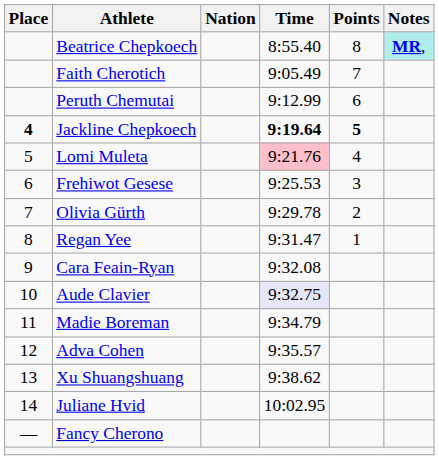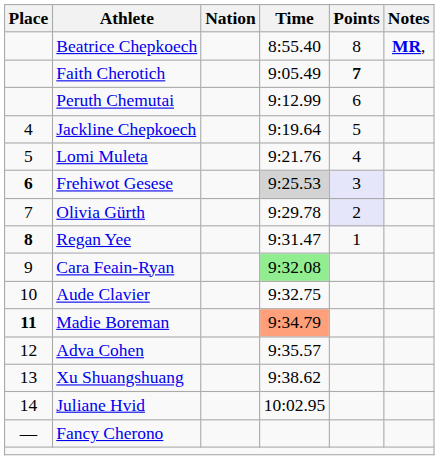 <table class="wikitable mw-datatable sortable" style="text-align:center;">
 <tr>
 <th scope="col">Place</th>
 <th scope="col">Athlete</th>
 <th scope="col">Nation</th>
 <th scope="col">Time</th>
 <th scope="col">Points</th>
 <th scope="col">Notes</th>
 </tr>
 <tr>
 <td></td>
 <td align="left"><a href='#'>Beatrice Chepkoech</a></td>
 <td align="left"></td>
 <td>8:55.40</td>
 <td>8</td>
-<td style="background: paleturquoise;"><strong><a href='#'>MR</a></strong>, </td>
+<td><strong><a href='#'>MR</a></strong>, </td>
 </tr>
 <tr>
 <td></td>
 <td align="left"><a href='#'>Faith Cherotich</a></td>
 <td align="left"></td>
 <td>9:05.49</td>
-<td>7</td>
+<td><strong>7</strong></td>
 <td></td>
 </tr>
 <tr>
 <td></td>
 <td align="left"><a href='#'>Peruth Chemutai</a></td>
 <td align="left"></td>
 <td>9:12.99</td>
 <td>6</td>
 <td></td>
 </tr>
 <tr>
-<td><strong>4</strong></td>
+<td>4</td>
 <td align="left"><a href='#'>Jackline Chepkoech</a></td>
 <td align="left"></td>
-<td><strong>9:19.64</strong></td>
-<td><strong>5</strong></td>
+<td>9:19.64</td>
+<td>5</td>
 <td></td>
 </tr>
 <tr>
 <td>5</td>
 <td align="left"><a href='#'>Lomi Muleta</a></td>
 <td align="left"></td>
-<td style="background: pink;">9:21.76</td>
+<td>9:21.76</td>
 <td>4</td>
 <td></td>
 </tr>
 <tr>
-<td>6</td>
+<td><strong>6</strong></td>
 <td align="left"><a href='#'>Frehiwot Gesese</a></td>
 <td align="left"></td>
-<td>9:25.53</td>
-<td>3</td>
+<td style="background: lightgrey;">9:25.53</td>
+<td style="background: lavender;">3</td>
 <td></td>
 </tr>
 <tr>
 <td>7</td>
 <td align="left"><a href='#'>Olivia Gürth</a></td>
 <td align="left"></td>
 <td>9:29.78</td>
-<td>2</td>
+<td style="background: lavender;">2</td>
 <td></td>
 </tr>
 <tr>
-<td>8</td>
+<td><strong>8</strong></td>
 <td align="left"><a href='#'>Regan Yee</a></td>
 <td align="left"></td>
 <td>9:31.47</td>
 <td>1</td>
 <td></td>
 </tr>
 <tr>
 <td>9</td>
 <td align="left"><a href='#'>Cara Feain-Ryan</a></td>
 <td align="left"></td>
-<td>9:32.08</td>
+<td style="background: lightgreen;">9:32.08</td>
 <td></td>
 <td></td>
 </tr>
 <tr>
 <td>10</td>
 <td align="left"><a href='#'>Aude Clavier</a></td>
 <td align="left"></td>
-<td style="background: lavender;">9:32.75</td>
+<td>9:32.75</td>
 <td></td>
 <td></td>
 </tr>
 <tr>
-<td>11</td>
+<td><strong>11</strong></td>
 <td align="left"><a href='#'>Madie Boreman</a></td>
 <td align="left"></td>
-<td>9:34.79</td>
+<td style="background: lightsalmon;">9:34.79</td>
 <td></td>
 <td></td>
 </tr>
 <tr>
 <td>12</td>
 <td align="left"><a href='#'>Adva Cohen</a></td>
 <td align="left"></td>
 <td>9:35.57</td>
 <td></td>
 <td></td>
 </tr>
 <tr>
 <td>13</td>
 <td align="left"><a href='#'>Xu Shuangshuang</a></td>
 <td align="left"></td>
 <td>9:38.62</td>
 <td></td>
 <td></td>
 </tr>
 <tr>
 <td>14</td>
 <td align="left"><a href='#'>Juliane Hvid</a></td>
 <td align="left"></td>
 <td>10:02.95</td>
 <td></td>
 <td></td>
 </tr>
 <tr>
 <td>—</td>
 <td align="left"><a href='#'>Fancy Cherono</a></td>
 <td align="left"></td>
 <td></td>
 <td></td>
 <td></td>
 </tr>
 <tr class="sortbottom">
 <td colspan="6"></td>
 </tr>
 </table>
